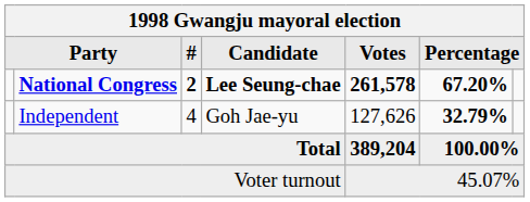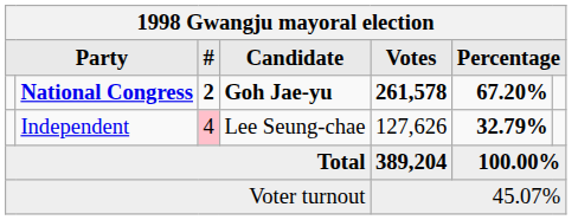 <table class="wikitable">
 <tr>
 <th colspan="7">1998 Gwangju mayoral election</th>
 </tr>
 <tr>
 <th style="background-color:#E9E9E9" colspan=2>Party</th>
 <th style="background-color:#E9E9E9">#</th>
 <th style="background-color:#E9E9E9">Candidate</th>
 <th style="background-color:#E9E9E9">Votes</th>
 <th style="background-color:#E9E9E9" colspan=2>Percentage</th>
 </tr>
 <tr style="font-weight:bold">
 <td></td>
 <td align=left><a href='#'>National Congress</a></td>
 <td align=center>2</td>
-<td align=left>Lee Seung-chae</td>
+<td align=left>Goh Jae-yu</td>
 <td align=right>261,578</td>
 <td align=right>67.20%</td>
 <td align=right></td>
 </tr>
 <tr>
 <td></td>
 <td align=left><a href='#'>Independent</a></td>
-<td align=center>4</td>
-<td align=left>Goh Jae-yu</td>
+<td align=center style="background: pink;">4</td>
+<td align=left>Lee Seung-chae</td>
 <td align=right>127,626</td>
 <td align=right><strong>32.79%</strong></td>
 <td align=right></td>
 </tr>
 <tr bgcolor="#EEEEEE" style="font-weight:bold">
 <td colspan="4" align=right>Total</td>
 <td align=right>389,204</td>
 <td align=right colspan=2>100.00%</td>
 </tr>
 <tr bgcolor="#EEEEEE">
 <td colspan="4" align="right">Voter turnout</td>
 <td colspan="3" align="right">45.07%</td>
 </tr>
 </table>
